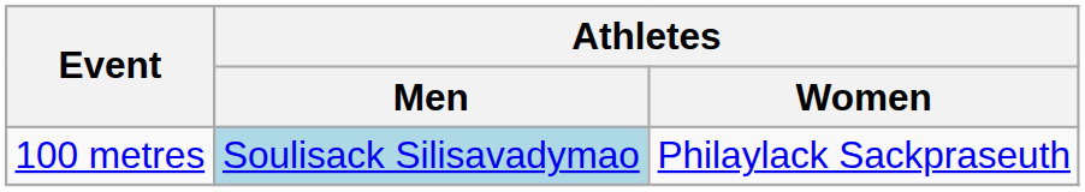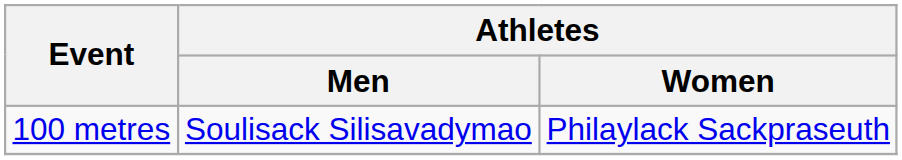 <table class=wikitable style="font-size:90%">
 <tr>
 <th rowspan=2>Event</th>
 <th colspan=2>Athletes</th>
 </tr>
 <tr>
 <th>Men</th>
 <th>Women</th>
 </tr>
 <tr>
 <td><a href='#'>100 metres</a></td>
-<td style="background: lightblue;"><a href='#'>Soulisack Silisavadymao</a></td>
+<td><a href='#'>Soulisack Silisavadymao</a></td>
 <td><a href='#'>Philaylack Sackpraseuth</a></td>
 </tr>
 <tr>
 </tr>
 </table>
